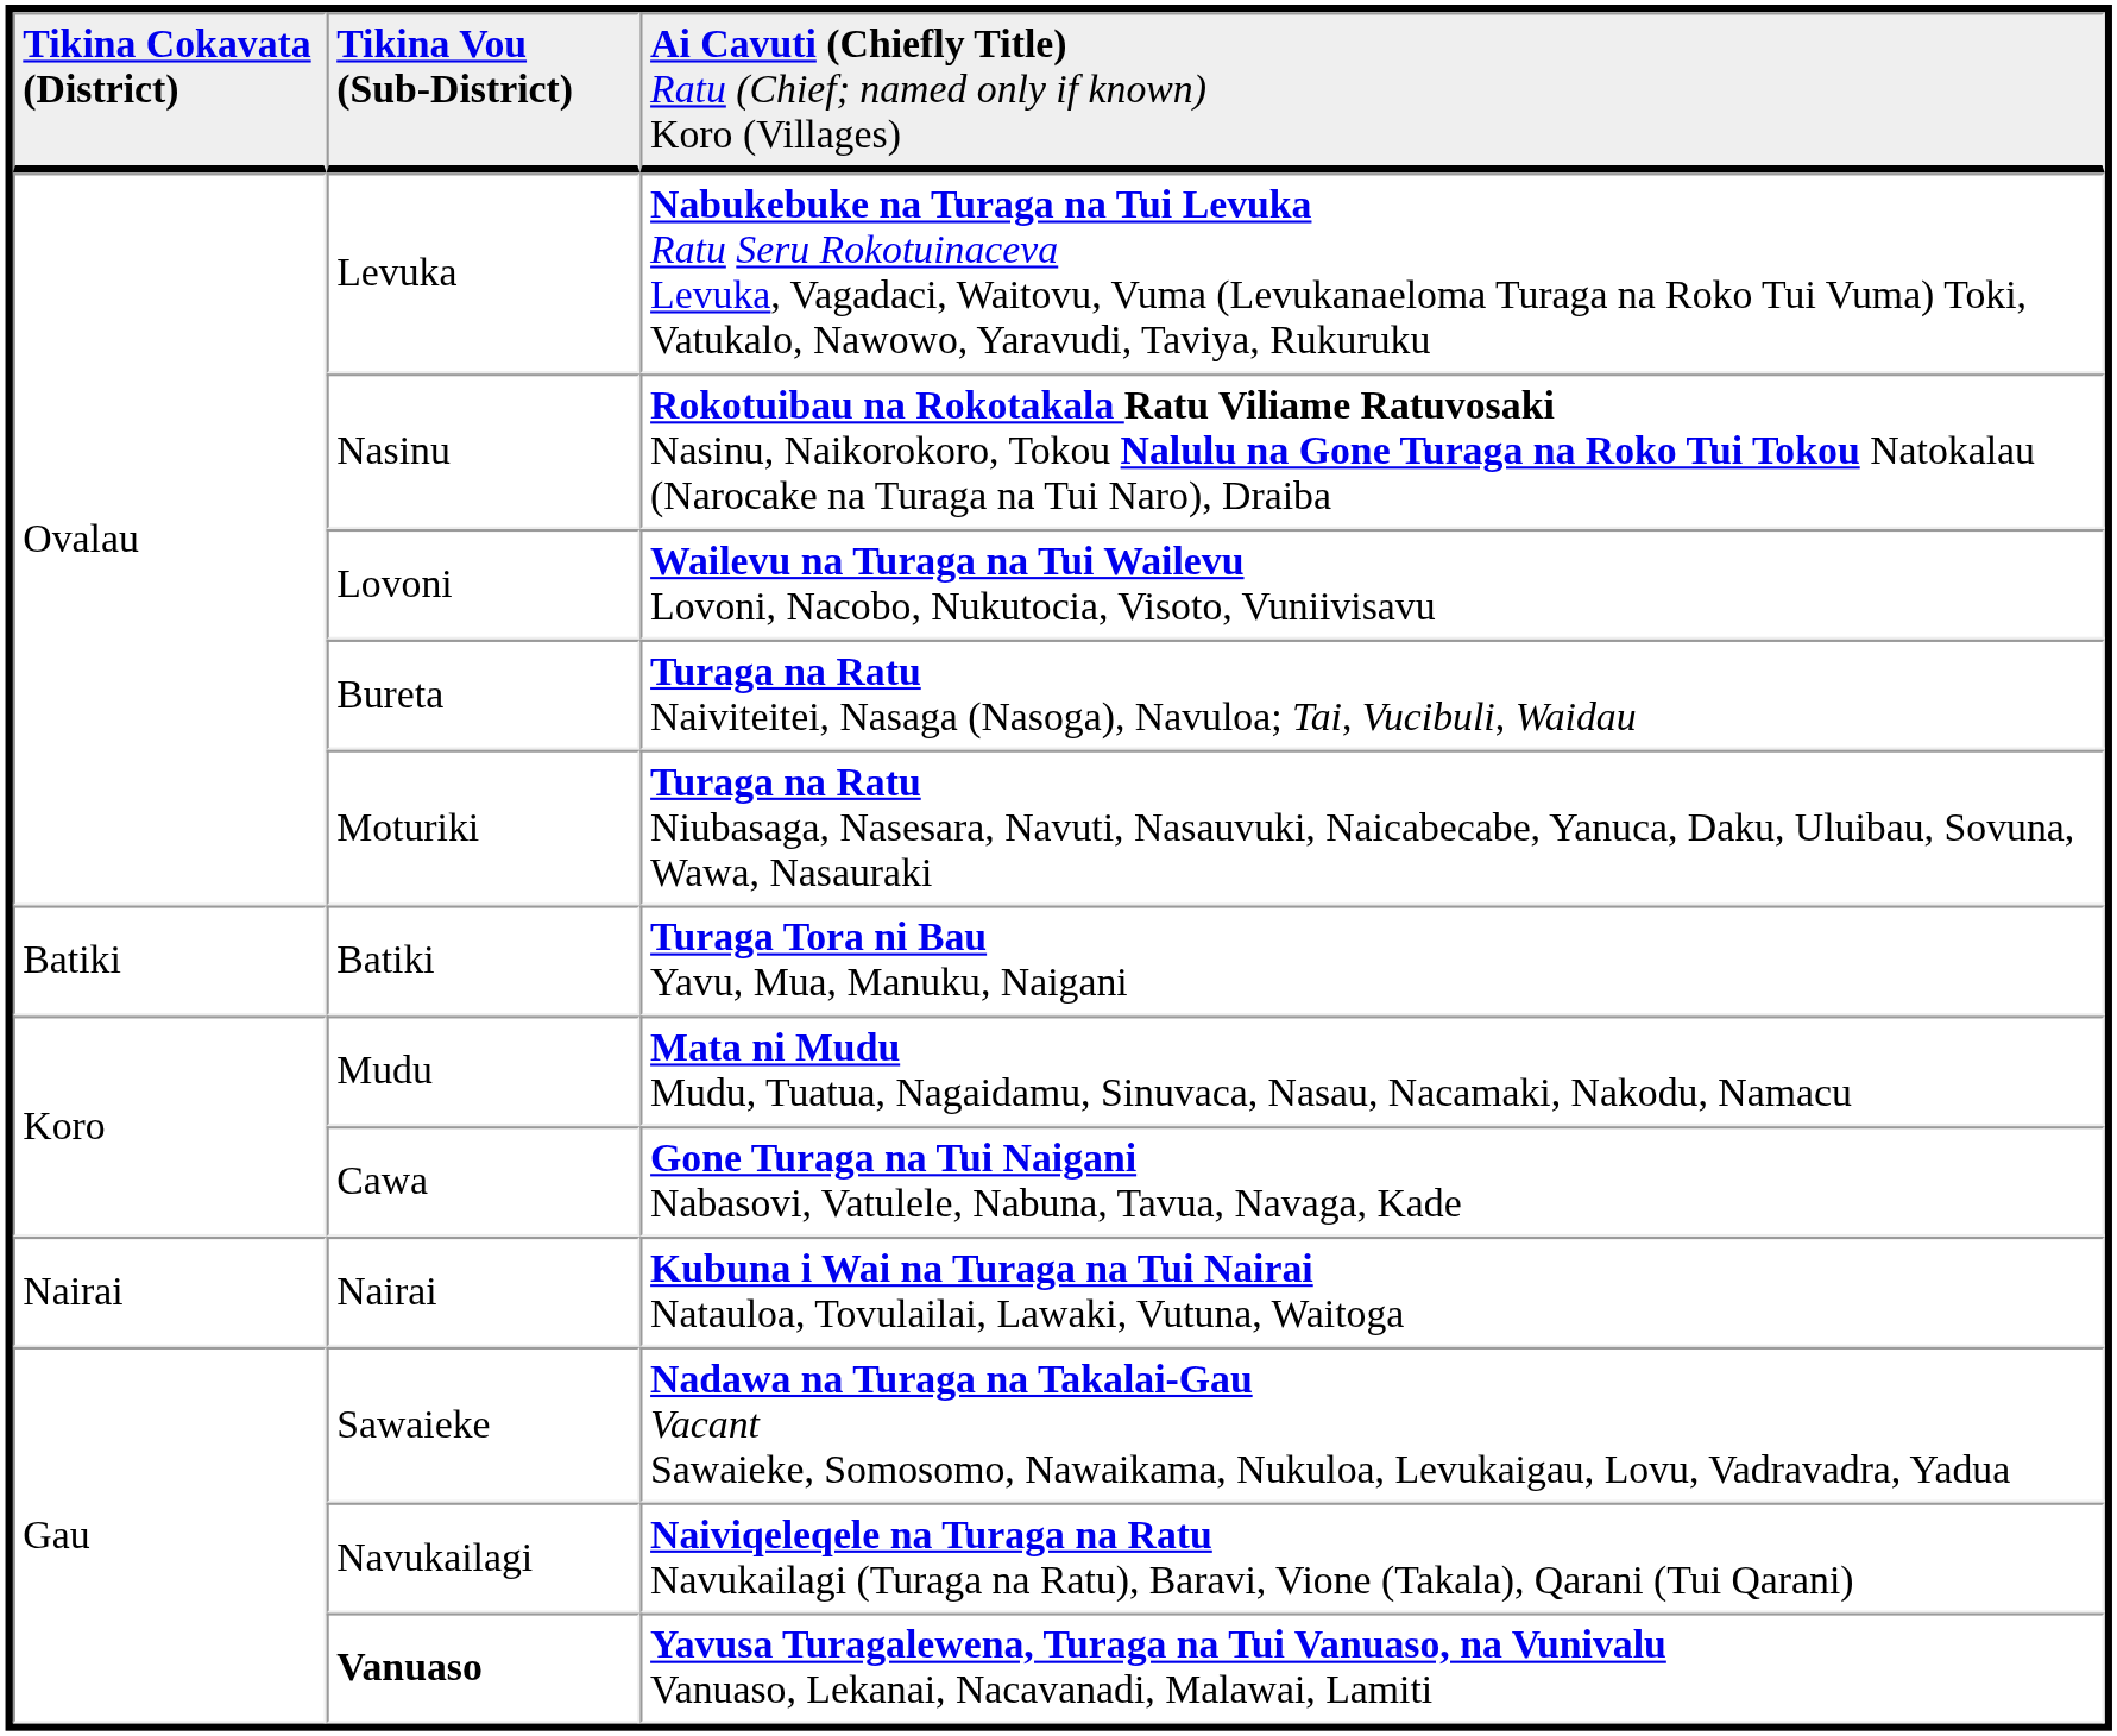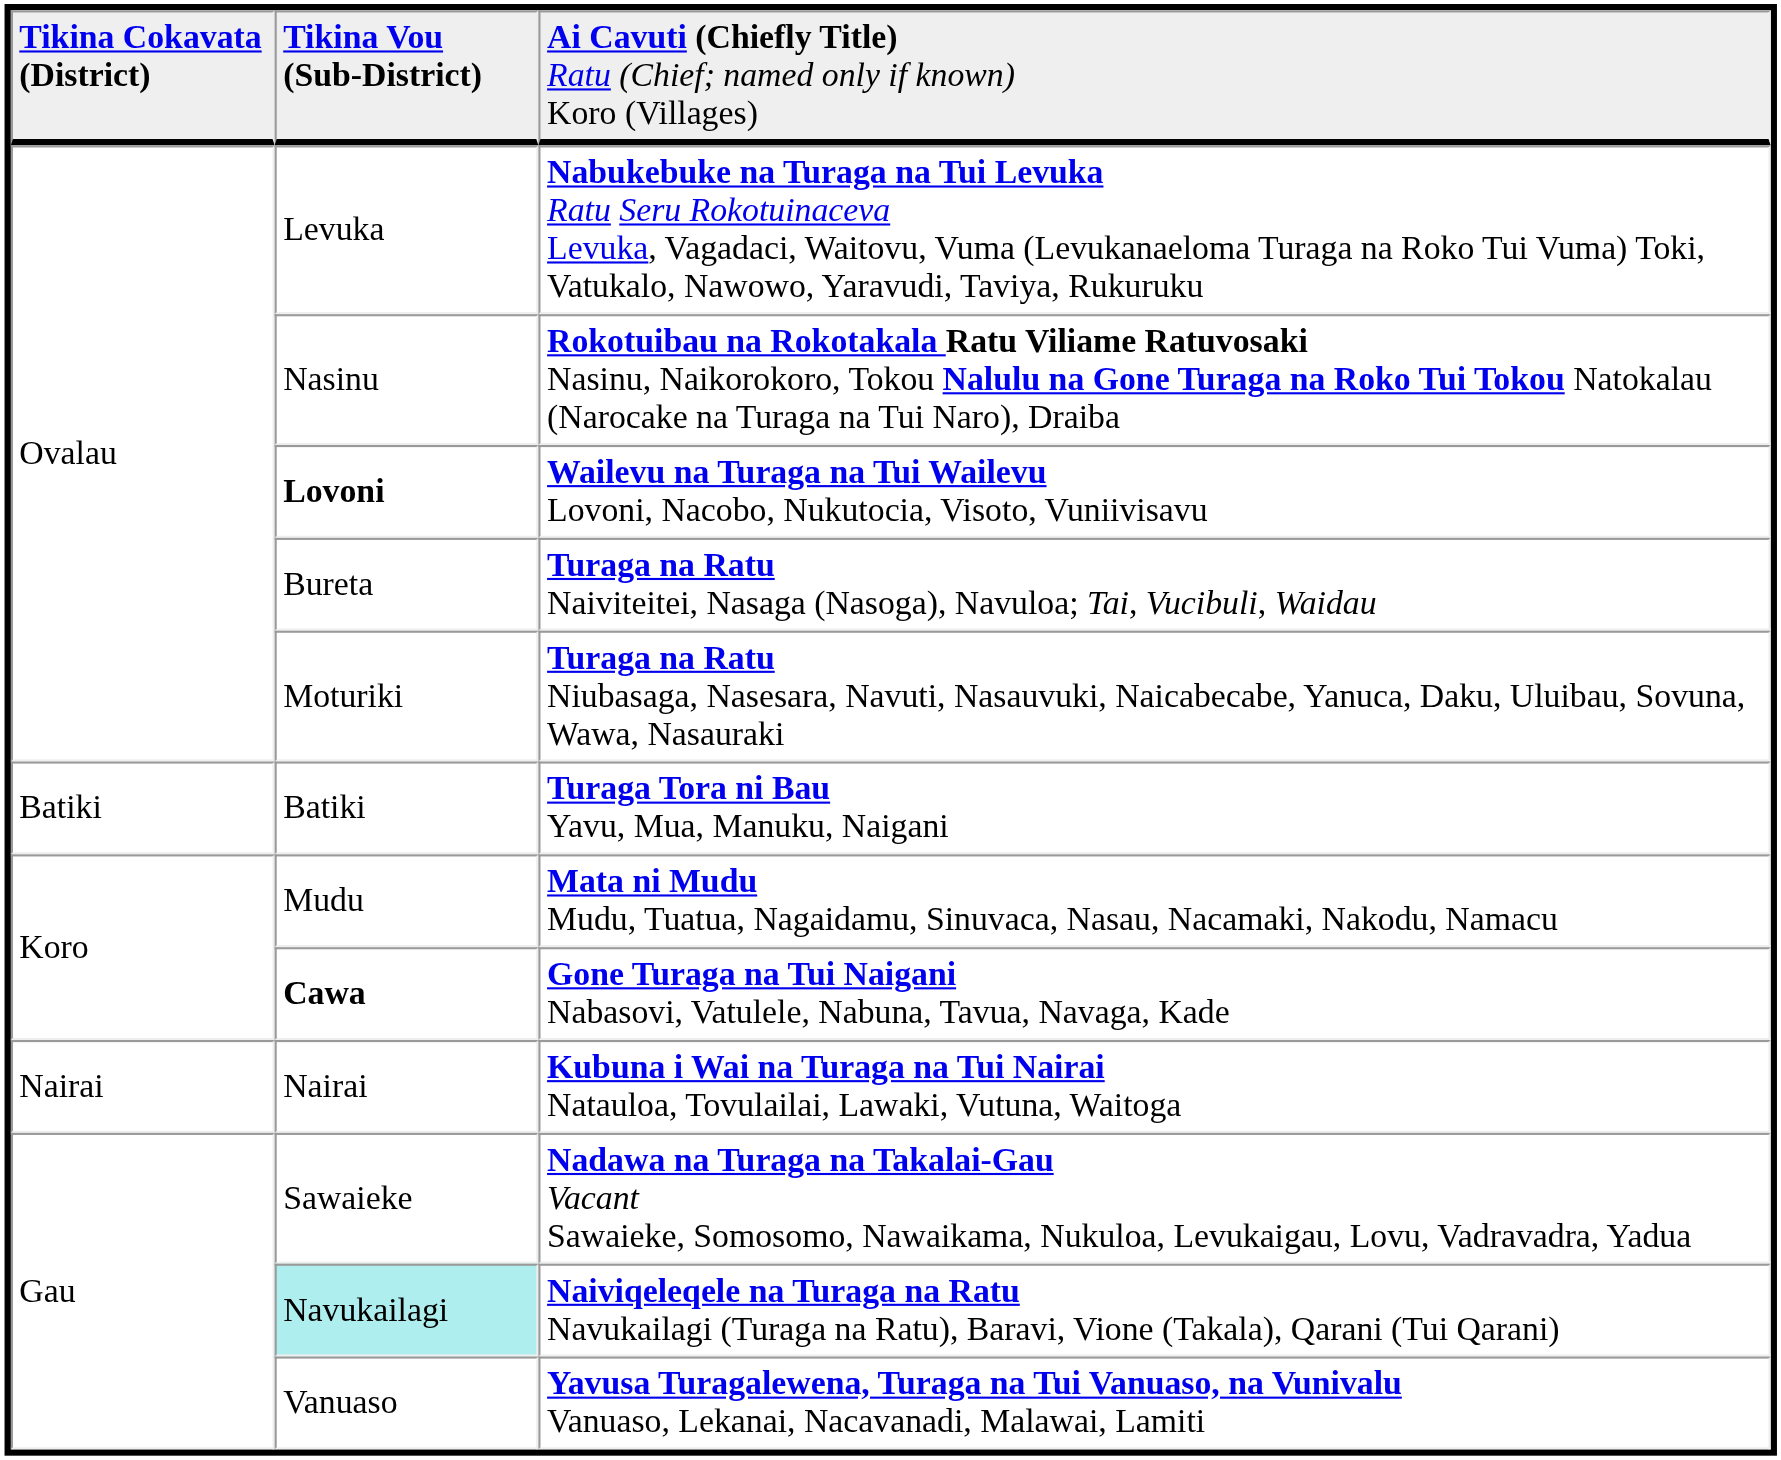 <table table width="95%" border="1" align="center" cellpadding=3 cellspacing=0 style="margin:5px; border:3px solid;">
 <tr>
 <td valign="top" td width="15%" style="border-bottom:3px solid; background:#efefef;"><strong><a href='#'>Tikina Cokavata</a><br>(District)</strong></td>
 <td valign="top" td width="15%" style="border-bottom:3px solid; background:#efefef;"><strong><a href='#'>Tikina Vou</a><br>(Sub-District)</strong></td>
 <td valign="top" td width="70%" style="border-bottom:3px solid; background:#efefef;"><strong><a href='#'>Ai Cavuti</a> (Chiefly Title)</strong><br><em><a href='#'>Ratu</a> (Chief; named only if known)</em><br>Koro (Villages)</td>
 </tr>
 <tr>
 <td rowspan=5>Ovalau</td>
 <td>Levuka</td>
 <td><strong><a href='#'>Nabukebuke na Turaga na Tui Levuka</a></strong><br><em><a href='#'>Ratu</a> <a href='#'>Seru Rokotuinaceva</a></em><br><a href='#'>Levuka</a>, Vagadaci, Waitovu, Vuma (Levukanaeloma Turaga na Roko Tui Vuma) Toki, Vatukalo, Nawowo, Yaravudi, Taviya, Rukuruku</td>
 </tr>
 <tr>
 <td>Nasinu</td>
 <td><strong><a href='#'>Rokotuibau na Rokotakala </a> Ratu Viliame Ratuvosaki </strong><br>Nasinu, Naikorokoro, Tokou <strong><a href='#'>Nalulu na Gone Turaga na Roko Tui Tokou</a></strong> Natokalau (Narocake na Turaga na Tui Naro), Draiba</td>
 </tr>
 <tr>
-<td>Lovoni</td>
+<td><strong>Lovoni</strong></td>
 <td><strong><a href='#'>Wailevu na Turaga na Tui Wailevu</a></strong><br>Lovoni, Nacobo, Nukutocia, Visoto, Vuniivisavu</td>
 </tr>
 <tr>
 <td>Bureta</td>
 <td><strong><a href='#'>Turaga na Ratu</a></strong><br>Naiviteitei, Nasaga (Nasoga), Navuloa; <em>Tai</em>, <em>Vucibuli</em>, <em>Waidau</em></td>
 </tr>
 <tr>
 <td>Moturiki</td>
 <td><strong><a href='#'>Turaga na Ratu</a></strong><br>Niubasaga, Nasesara, Navuti, Nasauvuki, Naicabecabe, Yanuca, Daku, Uluibau, Sovuna, Wawa, Nasauraki</td>
 </tr>
 <tr>
 <td>Batiki</td>
 <td>Batiki</td>
 <td><strong><a href='#'>Turaga Tora ni Bau</a></strong><br>Yavu, Mua, Manuku, Naigani</td>
 </tr>
 <tr>
 <td rowspan=2>Koro</td>
 <td>Mudu</td>
 <td><strong><a href='#'>Mata ni Mudu</a></strong><br>Mudu, Tuatua, Nagaidamu, Sinuvaca, Nasau, Nacamaki, Nakodu, Namacu</td>
 </tr>
 <tr>
-<td>Cawa</td>
+<td><strong>Cawa</strong></td>
 <td><strong><a href='#'>Gone Turaga na Tui Naigani</a></strong><br>Nabasovi, Vatulele, Nabuna, Tavua, Navaga, Kade</td>
 </tr>
 <tr>
 <td>Nairai</td>
 <td>Nairai</td>
 <td><strong><a href='#'>Kubuna i Wai na Turaga na Tui Nairai</a></strong><br>Natauloa, Tovulailai, Lawaki, Vutuna, Waitoga</td>
 </tr>
 <tr>
 <td rowspan=3>Gau</td>
 <td>Sawaieke</td>
 <td><strong><a href='#'>Nadawa na Turaga na Takalai-Gau</a></strong><br><em>Vacant</em><br>Sawaieke, Somosomo, Nawaikama, Nukuloa, Levukaigau, Lovu, Vadravadra, Yadua</td>
 </tr>
 <tr>
-<td>Navukailagi</td>
+<td style="background: paleturquoise;">Navukailagi</td>
 <td><strong><a href='#'>Naiviqeleqele na Turaga na Ratu</a></strong><br>Navukailagi (Turaga na Ratu), Baravi, Vione (Takala), Qarani (Tui Qarani)</td>
 </tr>
 <tr>
-<td><strong>Vanuaso</strong></td>
+<td>Vanuaso</td>
 <td><strong><a href='#'>Yavusa Turagalewena, Turaga na Tui Vanuaso, na Vunivalu</a></strong><br>Vanuaso, Lekanai, Nacavanadi, Malawai, Lamiti</td>
 </tr>
 </table>
